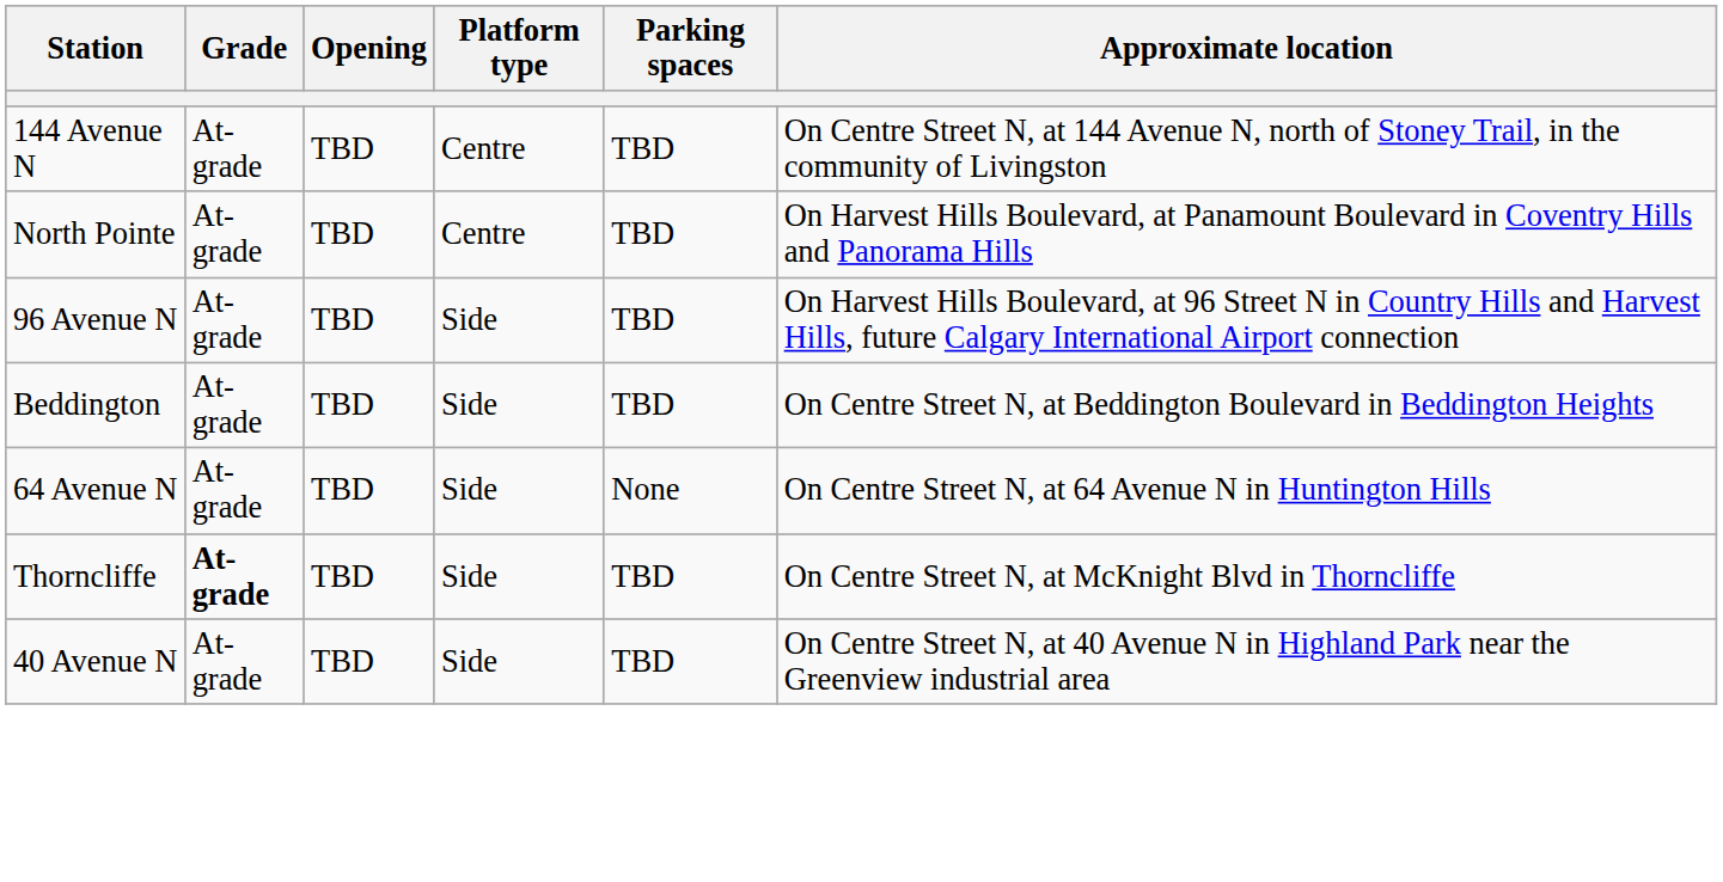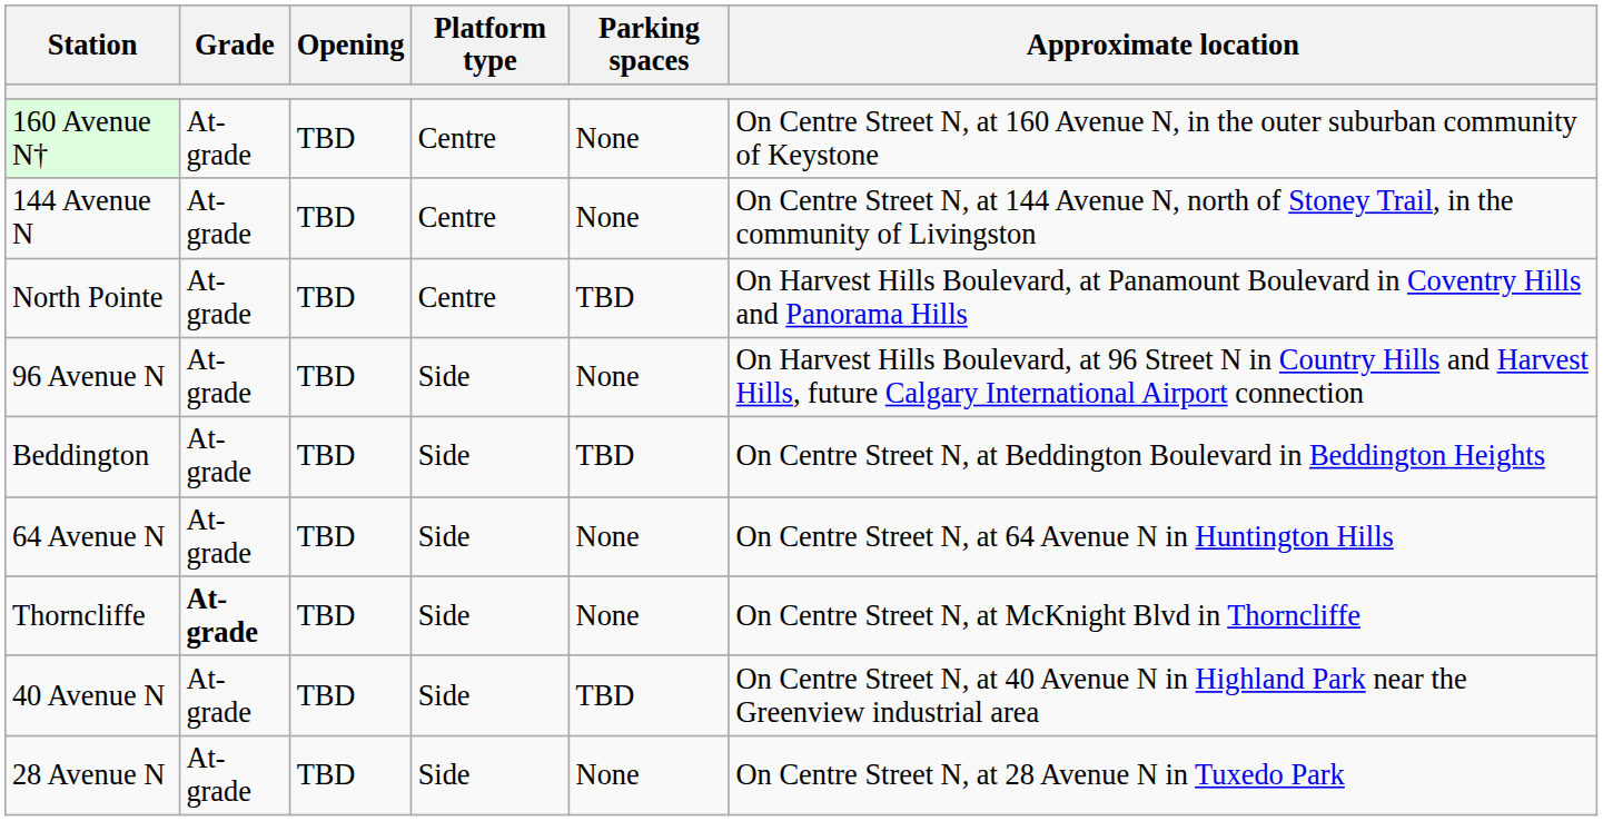 <table class="wikitable sortable">
 <tr>
 <th>Station</th>
 <th>Grade</th>
 <th>Opening</th>
 <th>Platform type</th>
 <th data-sort-type="number">Parking spaces</th>
 <th class="unsortable">Approximate location</th>
 </tr>
 <tr>
 <th colspan=6 style="background:#"></th>
 </tr>
 <tr>
+<td style="background-color:#ddffdd">160 Avenue N†</td>
+<td>At-grade</td>
+<td>TBD</td>
+<td>Centre</td>
+<td>None</td>
+<td>On Centre Street N, at 160 Avenue N, in the outer suburban community of Keystone</td>
+</tr>
+<tr>
 <td>144 Avenue N</td>
 <td>At-grade</td>
 <td>TBD</td>
 <td>Centre</td>
-<td>TBD</td>
+<td>None</td>
 <td>On Centre Street N, at 144 Avenue N, north of <a href='#'>Stoney Trail</a>, in the community of Livingston</td>
 </tr>
 <tr>
 <td>North Pointe</td>
 <td>At-grade</td>
 <td>TBD</td>
 <td>Centre</td>
 <td>TBD</td>
 <td>On Harvest Hills Boulevard, at Panamount Boulevard in <a href='#'>Coventry Hills</a> and <a href='#'>Panorama Hills</a></td>
 </tr>
 <tr>
 <td>96 Avenue N</td>
 <td>At-grade</td>
 <td>TBD</td>
 <td>Side</td>
-<td>TBD</td>
+<td>None</td>
 <td>On Harvest Hills Boulevard, at 96 Street N in <a href='#'>Country Hills</a> and <a href='#'>Harvest Hills</a>, future <a href='#'>Calgary International Airport</a> connection</td>
 </tr>
 <tr>
 <td>Beddington</td>
 <td>At-grade</td>
 <td>TBD</td>
 <td>Side</td>
 <td>TBD</td>
 <td>On Centre Street N, at Beddington Boulevard in <a href='#'>Beddington Heights</a></td>
 </tr>
 <tr>
 <td>64 Avenue N</td>
 <td>At-grade</td>
 <td>TBD</td>
 <td>Side</td>
 <td>None</td>
 <td>On Centre Street N, at 64 Avenue N in <a href='#'>Huntington Hills</a></td>
 </tr>
 <tr>
 <td>Thorncliffe</td>
 <td><strong>At-grade</strong></td>
 <td>TBD</td>
 <td>Side</td>
-<td>TBD</td>
+<td>None</td>
 <td>On Centre Street N, at McKnight Blvd in <a href='#'>Thorncliffe</a></td>
 </tr>
 <tr>
 <td>40 Avenue N</td>
 <td>At-grade</td>
 <td>TBD</td>
 <td>Side</td>
 <td>TBD</td>
 <td>On Centre Street N, at 40 Avenue N in <a href='#'>Highland Park</a> near the Greenview industrial area</td>
 </tr>
+<tr>
+<td>28 Avenue N</td>
+<td>At-grade</td>
+<td>TBD</td>
+<td>Side</td>
+<td>None</td>
+<td>On Centre Street N, at 28 Avenue N in <a href='#'>Tuxedo Park</a></td>
+</tr>
 </table>
